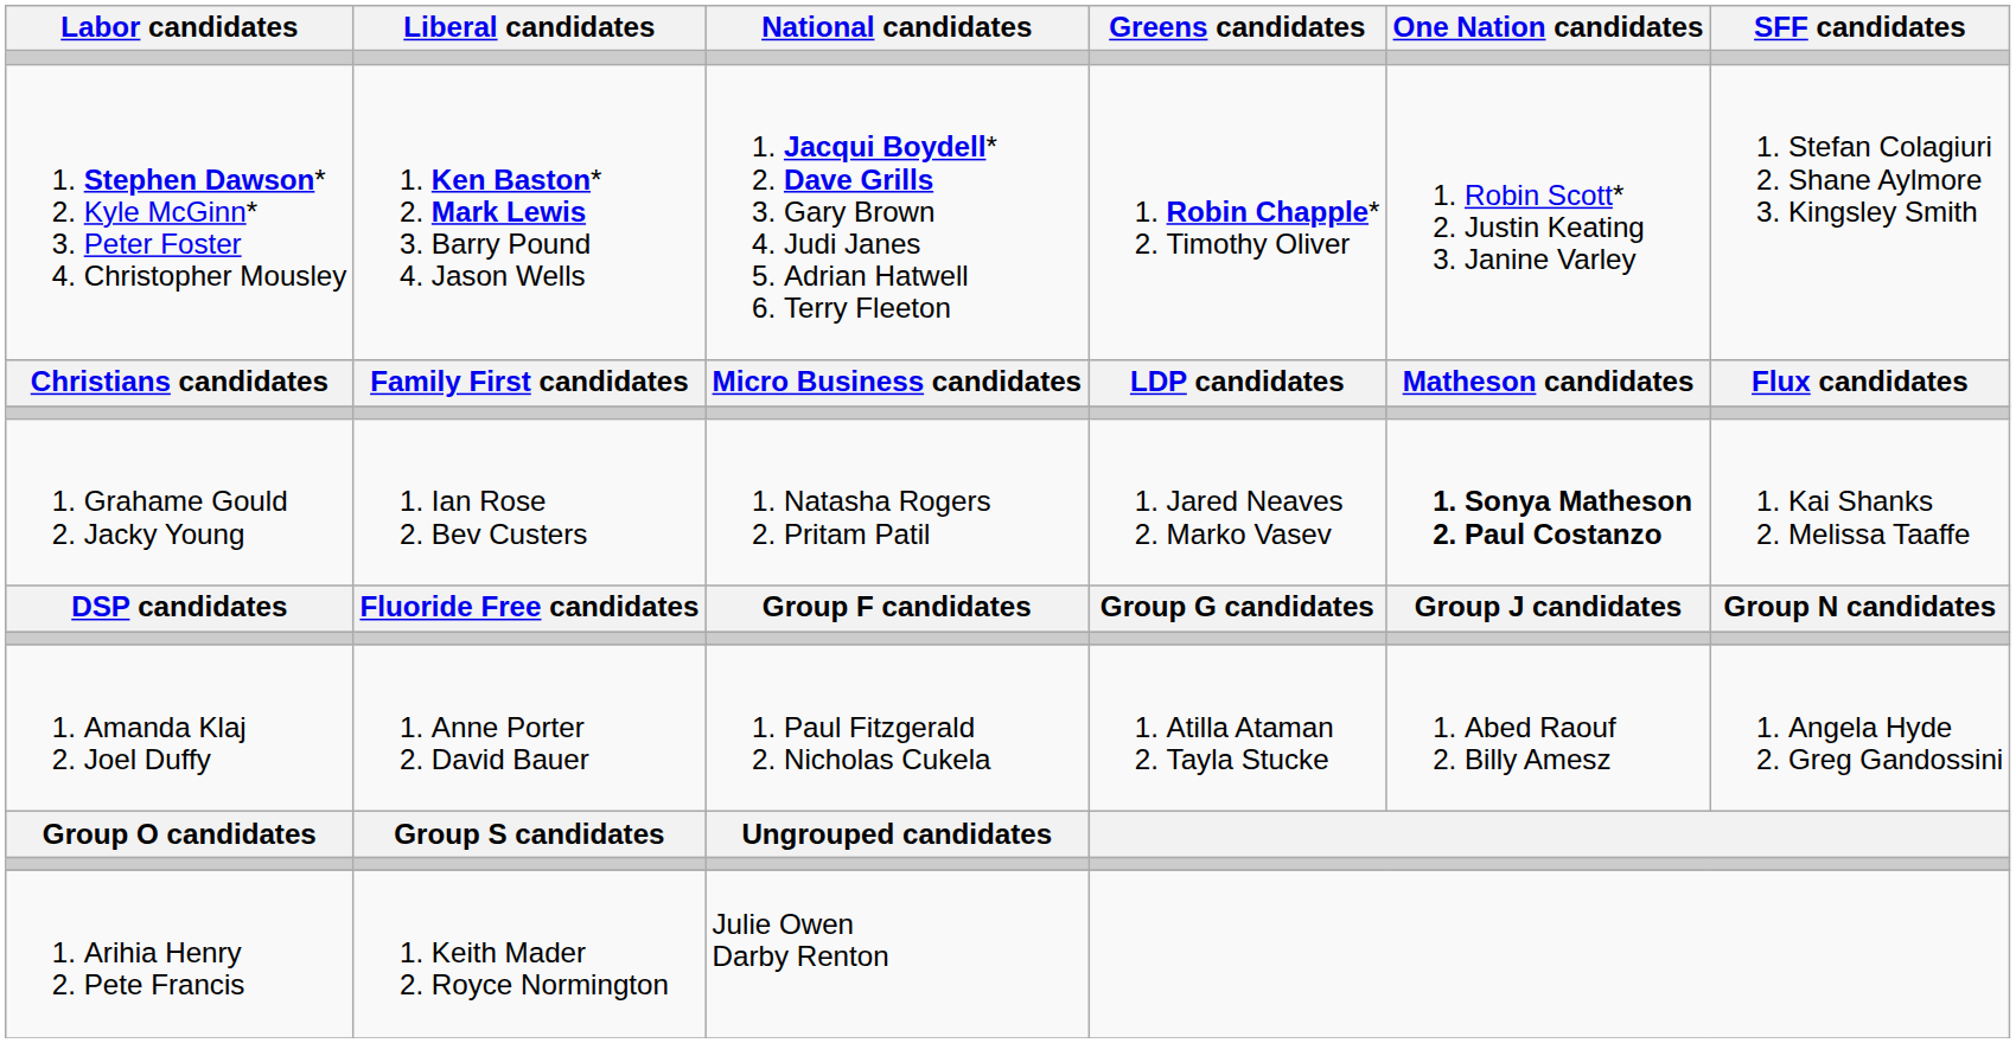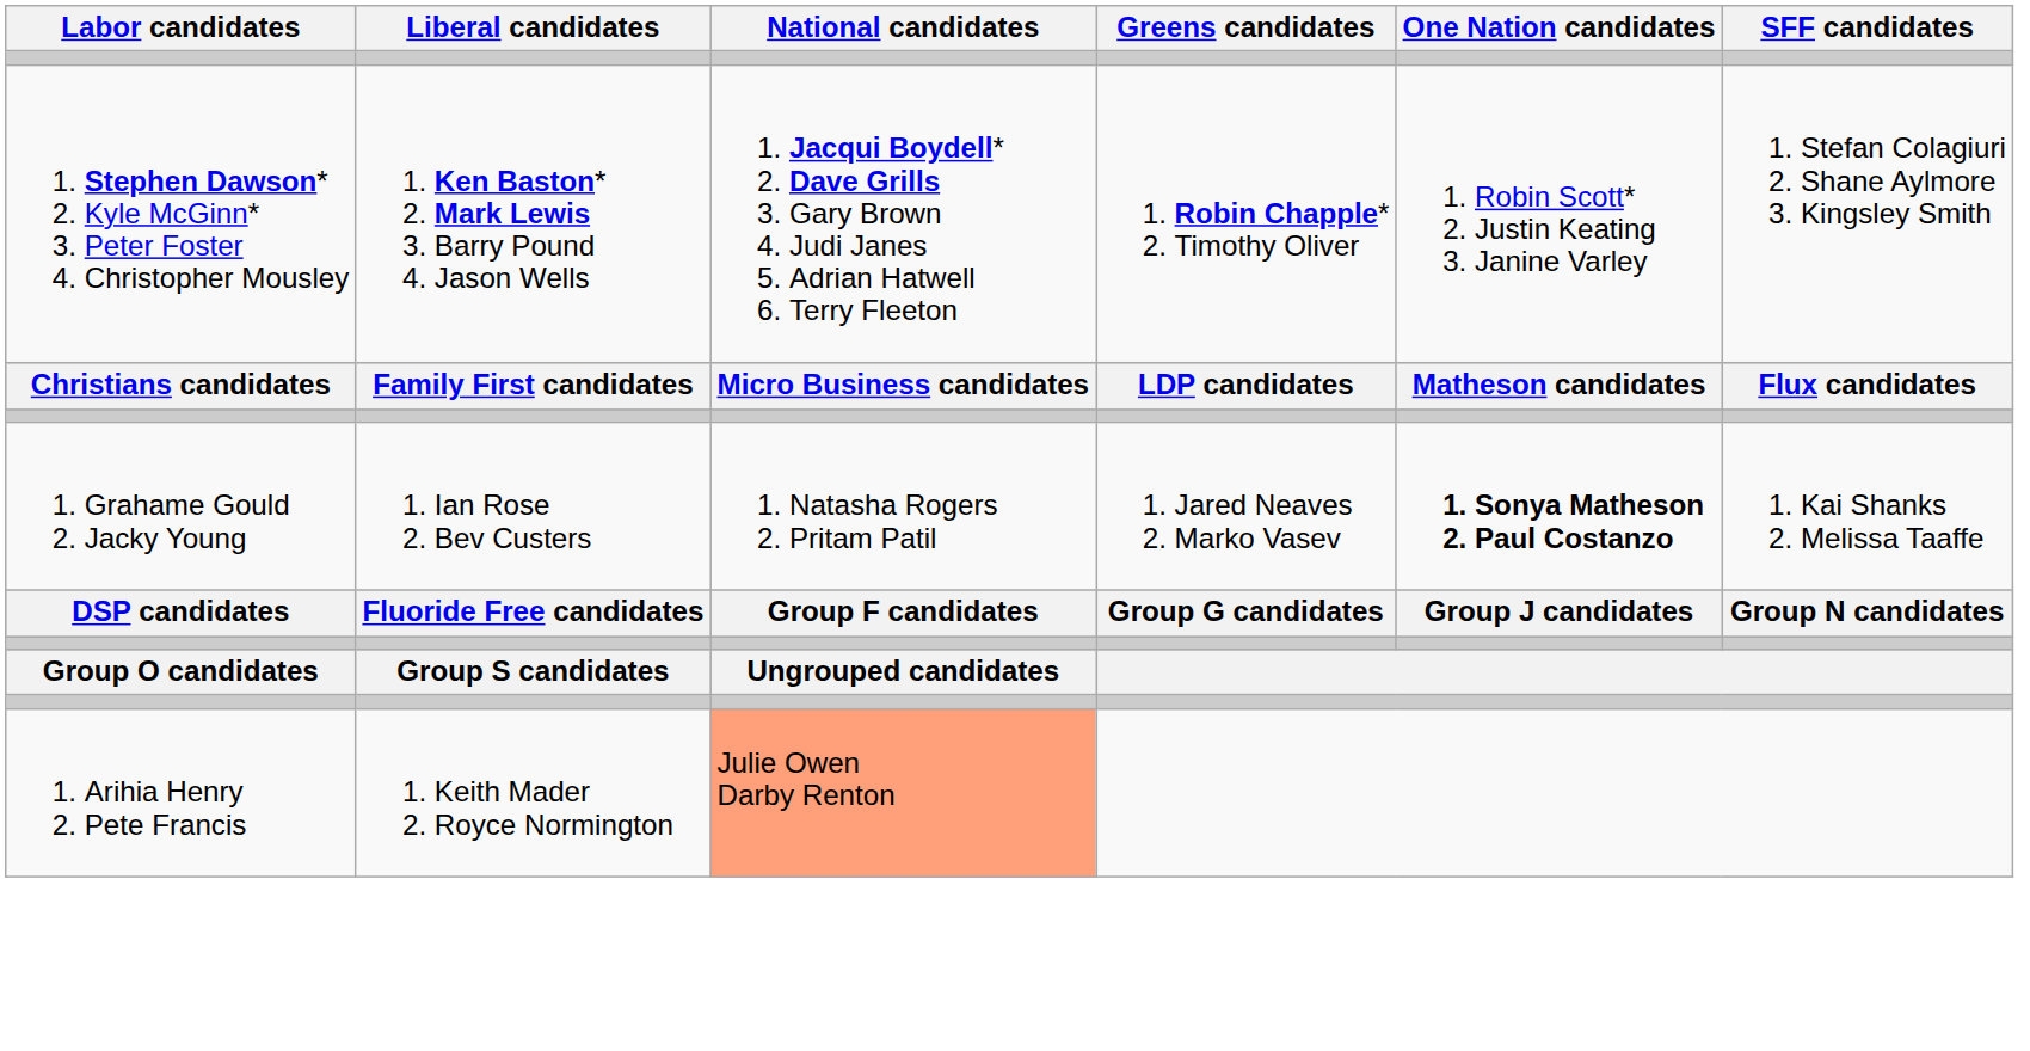 <table class="wikitable">
 <tr>
 <th><a href='#'>Labor</a> candidates</th>
 <th><a href='#'>Liberal</a> candidates</th>
 <th><a href='#'>National</a> candidates</th>
 <th><a href='#'>Greens</a> candidates</th>
 <th><a href='#'>One Nation</a> candidates</th>
 <th><a href='#'>SFF</a> candidates</th>
 </tr>
 <tr bgcolor="#cccccc">
 <td></td>
 <td></td>
 <td></td>
 <td></td>
 <td></td>
 <td></td>
 </tr>
 <tr>
 <td><br><ol><li><strong><a href='#'>Stephen Dawson</a></strong>*</li><li><a href='#'>Kyle McGinn</a>*</li><li><a href='#'>Peter Foster</a></li><li>Christopher Mousley</li></ol></td>
 <td><br><ol><li><strong><a href='#'>Ken Baston</a></strong>*</li><li><strong><a href='#'>Mark Lewis</a></strong></li><li>Barry Pound</li><li>Jason Wells</li></ol></td>
 <td><br><ol><li><strong><a href='#'>Jacqui Boydell</a></strong>*</li><li><strong><a href='#'>Dave Grills</a></strong></li><li>Gary Brown</li><li>Judi Janes</li><li>Adrian Hatwell</li><li>Terry Fleeton</li></ol></td>
 <td><br><ol><li><strong><a href='#'>Robin Chapple</a></strong>*</li><li>Timothy Oliver</li></ol></td>
 <td><br><ol><li><a href='#'>Robin Scott</a>*</li><li>Justin Keating</li><li>Janine Varley</li></ol></td>
 <td valign=top><br><ol><li>Stefan Colagiuri</li><li>Shane Aylmore</li><li>Kingsley Smith</li></ol></td>
 </tr>
 <tr bgcolor="#cccccc">
 <th><a href='#'>Christians</a> candidates</th>
 <th><a href='#'>Family First</a> candidates</th>
 <th><a href='#'>Micro Business</a> candidates</th>
 <th><a href='#'>LDP</a> candidates</th>
 <th><a href='#'>Matheson</a> candidates</th>
 <th><a href='#'>Flux</a> candidates</th>
 </tr>
 <tr bgcolor="#cccccc">
 <td></td>
 <td></td>
 <td></td>
 <td></td>
 <td></td>
 <td></td>
 </tr>
 <tr>
 <td valign=top><br><ol><li>Grahame Gould</li><li>Jacky Young</li></ol></td>
 <td valign=top><br><ol><li>Ian Rose</li><li>Bev Custers</li></ol></td>
 <td valign=top><br><ol><li>Natasha Rogers</li><li>Pritam Patil</li></ol></td>
 <td valign=top><br><ol><li>Jared Neaves</li><li>Marko Vasev</li></ol></td>
 <td valign=top><strong><br><ol><li>Sonya Matheson</li><li>Paul Costanzo</li></ol></strong></td>
 <td valign=top><br><ol><li>Kai Shanks</li><li>Melissa Taaffe</li></ol></td>
 </tr>
 <tr bgcolor="#cccccc">
 <th><a href='#'>DSP</a> candidates</th>
 <th><a href='#'>Fluoride Free</a> candidates</th>
 <th>Group F candidates</th>
 <th>Group G candidates</th>
 <th>Group J candidates</th>
 <th>Group N candidates</th>
 </tr>
 <tr bgcolor="#cccccc">
 <td></td>
 <td></td>
 <td></td>
 <td></td>
 <td></td>
 <td></td>
 </tr>
-<tr>
-<td valign=top><br><ol><li>Amanda Klaj</li><li>Joel Duffy</li></ol></td>
-<td valign=top><br><ol><li>Anne Porter</li><li>David Bauer</li></ol></td>
-<td valign=top><br><ol><li>Paul Fitzgerald</li><li>Nicholas Cukela</li></ol></td>
-<td valign=top><br><ol><li>Atilla Ataman</li><li>Tayla Stucke</li></ol></td>
-<td valign=top><br><ol><li>Abed Raouf</li><li>Billy Amesz</li></ol></td>
-<td valign=top><br><ol><li>Angela Hyde</li><li>Greg Gandossini</li></ol></td>
-</tr>
 <tr bgcolor="#cccccc">
 <th>Group O candidates</th>
 <th>Group S candidates</th>
 <th>Ungrouped candidates</th>
 <th colspan=3></th>
 </tr>
 <tr bgcolor="#cccccc">
 <td></td>
 <td></td>
 <td></td>
 <td colspan=3></td>
 </tr>
 <tr>
 <td valign=top><br><ol><li>Arihia Henry</li><li>Pete Francis</li></ol></td>
 <td valign=top><br><ol><li>Keith Mader</li><li>Royce Normington</li></ol></td>
-<td valign=top><br>Julie Owen <br> Darby Renton</td>
+<td valign=top style="background: lightsalmon;"><br>Julie Owen <br> Darby Renton</td>
 </tr>
 </table>
